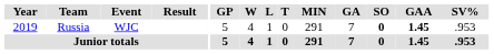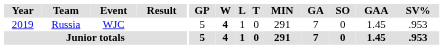 <table border="0" cellpadding="1" cellspacing="0" ID="Table3" style="text-align:center; width:40em">
 <tr ALIGN="center" bgcolor="#e0e0e0">
 <th>Year</th>
 <th>Team</th>
 <th>Event</th>
 <th>Result</th>
 <th rowspan="99" bgcolor="#ffffff"></th>
 <th>GP</th>
 <th>W</th>
 <th>L</th>
 <th>T</th>
 <th>MIN</th>
 <th>GA</th>
 <th>SO</th>
 <th>GAA</th>
 <th>SV%</th>
 </tr>
 <tr>
 <td><a href='#'>2019</a></td>
 <td><a href='#'>Russia</a></td>
 <td><a href='#'>WJC</a></td>
 <td></td>
 <td>5</td>
-<td>4</td>
+<td><strong>4</strong></td>
 <td>1</td>
 <td>0</td>
 <td>291</td>
 <td>7</td>
-<td><strong>0</strong></td>
-<td><strong>1.45</strong></td>
+<td>0</td>
+<td>1.45</td>
 <td>.953</td>
 </tr>
 <tr bgcolor="#e0e0e0">
 <th colspan=4>Junior totals</th>
 <th>5</th>
 <th>4</th>
 <th>1</th>
 <th>0</th>
 <th>291</th>
 <th>7</th>
 <th>0</th>
 <th>1.45</th>
 <th>.953</th>
 </tr>
 </table>
